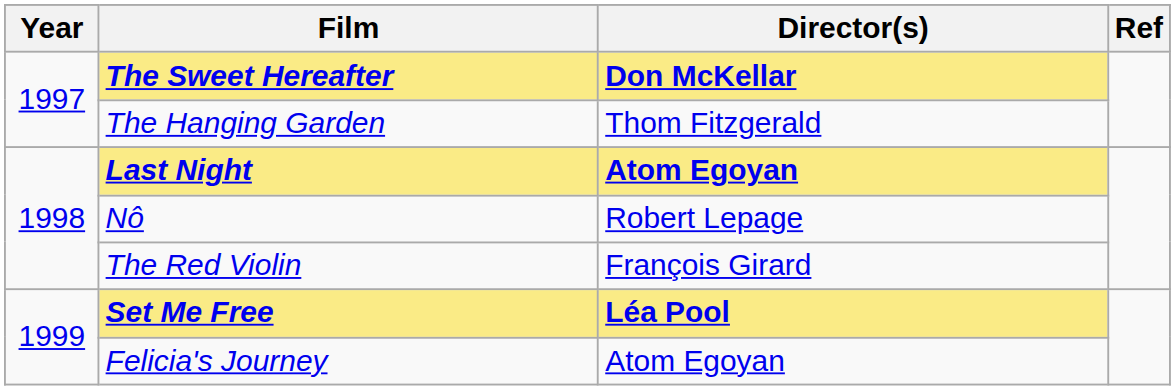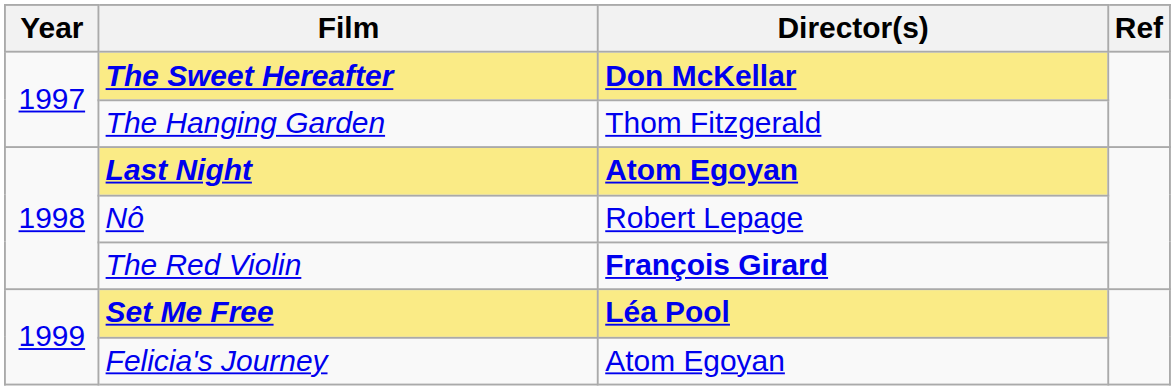 <table class="wikitable" width="100%" cellpadding="5">
 <tr>
 <th width="50"><strong>Year</strong></th>
 <th width="450"><strong>Film</strong></th>
 <th width="450"><strong>Director(s)</strong></th>
 <th width="15"><strong>Ref</strong></th>
 </tr>
 <tr>
 <td rowspan="2" style="text-align:center;"><a href='#'>1997</a></td>
 <td style="background:#FAEB86;"><strong><em><a href='#'>The Sweet Hereafter</a></em></strong></td>
 <td style="background:#FAEB86;"><strong><a href='#'>Don McKellar</a></strong></td>
 <td rowspan=2></td>
 </tr>
 <tr>
 <td><em><a href='#'>The Hanging Garden</a></em></td>
 <td><a href='#'>Thom Fitzgerald</a></td>
 </tr>
 <tr>
 <td rowspan="3" style="text-align:center;"><a href='#'>1998</a></td>
 <td style="background:#FAEB86;"><strong><em><a href='#'>Last Night</a></em></strong></td>
 <td style="background:#FAEB86;"><strong><a href='#'>Atom Egoyan</a></strong></td>
 <td rowspan=3></td>
 </tr>
 <tr>
 <td><em><a href='#'>Nô</a></em></td>
 <td><a href='#'>Robert Lepage</a></td>
 </tr>
 <tr>
 <td><em><a href='#'>The Red Violin</a></em></td>
-<td><a href='#'>François Girard</a></td>
+<td><strong><a href='#'>François Girard</a></strong></td>
 </tr>
 <tr>
 <td rowspan="2" style="text-align:center;"><a href='#'>1999</a></td>
 <td style="background:#FAEB86;"><strong><em><a href='#'>Set Me Free</a></em></strong></td>
 <td style="background:#FAEB86;"><strong><a href='#'>Léa Pool</a></strong></td>
 <td rowspan=2></td>
 </tr>
 <tr>
 <td><em><a href='#'>Felicia's Journey</a></em></td>
 <td><a href='#'>Atom Egoyan</a></td>
 </tr>
 </table>
